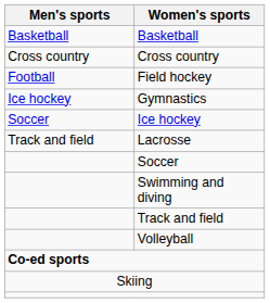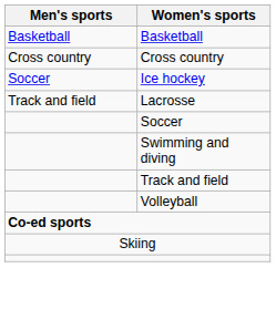 <table class="wikitable"; style= "text-align: ">
 <tr>
 <th width=150px>Men's sports</th>
 <th width=150px>Women's sports</th>
 </tr>
 <tr>
 <td><a href='#'>Basketball</a></td>
 <td><a href='#'>Basketball</a></td>
 </tr>
 <tr>
 <td>Cross country</td>
 <td>Cross country</td>
-</tr>
-<tr>
-<td><a href='#'>Football</a></td>
-<td>Field hockey</td>
-</tr>
-<tr>
-<td><a href='#'>Ice hockey</a></td>
-<td>Gymnastics</td>
 </tr>
 <tr>
 <td><a href='#'>Soccer</a></td>
 <td><a href='#'>Ice hockey</a></td>
 </tr>
 <tr>
 <td>Track and field</td>
 <td>Lacrosse</td>
 </tr>
 <tr>
 <td></td>
 <td>Soccer</td>
 </tr>
 <tr>
 <td></td>
 <td>Swimming and diving</td>
 </tr>
 <tr>
 <td></td>
 <td>Track and field</td>
 </tr>
 <tr>
 <td></td>
 <td>Volleyball</td>
 </tr>
 <tr>
 <td colspan="2"><strong>Co-ed sports</strong></td>
 </tr>
 <tr style="text-align:center">
 <td colspan="2">Skiing</td>
 </tr>
 <tr>
 <td colspan="2"></td>
 </tr>
 </table>
